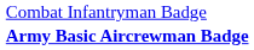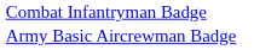 <table>
 <tr>
 <td> <a href='#'>Combat Infantryman Badge</a></td>
 </tr>
 <tr>
-<td><strong> <a href='#'>Army Basic Aircrewman Badge</a></strong></td>
+<td> <a href='#'>Army Basic Aircrewman Badge</a></td>
 </tr>
 </table>
